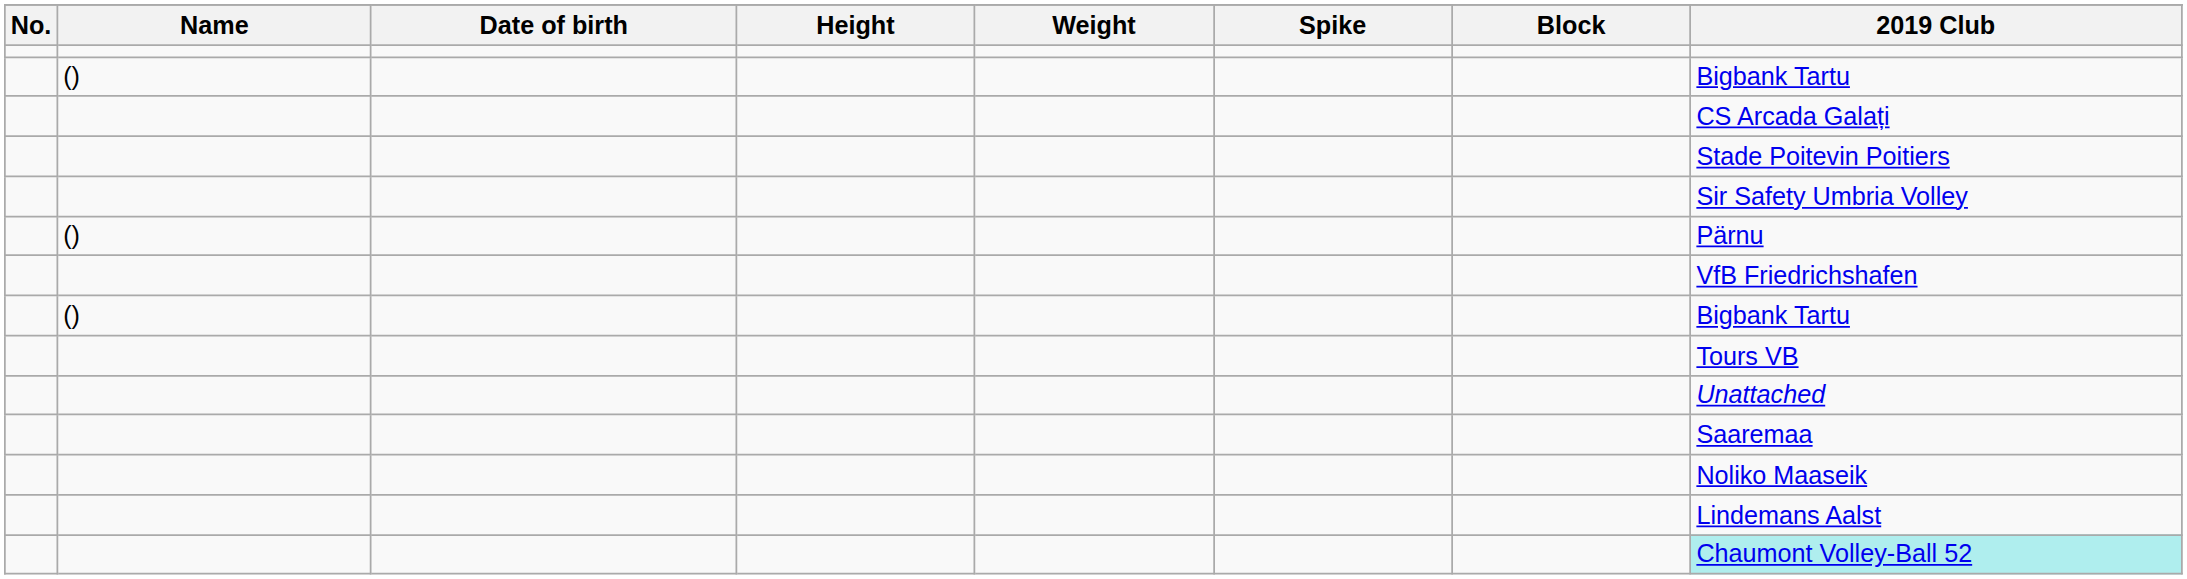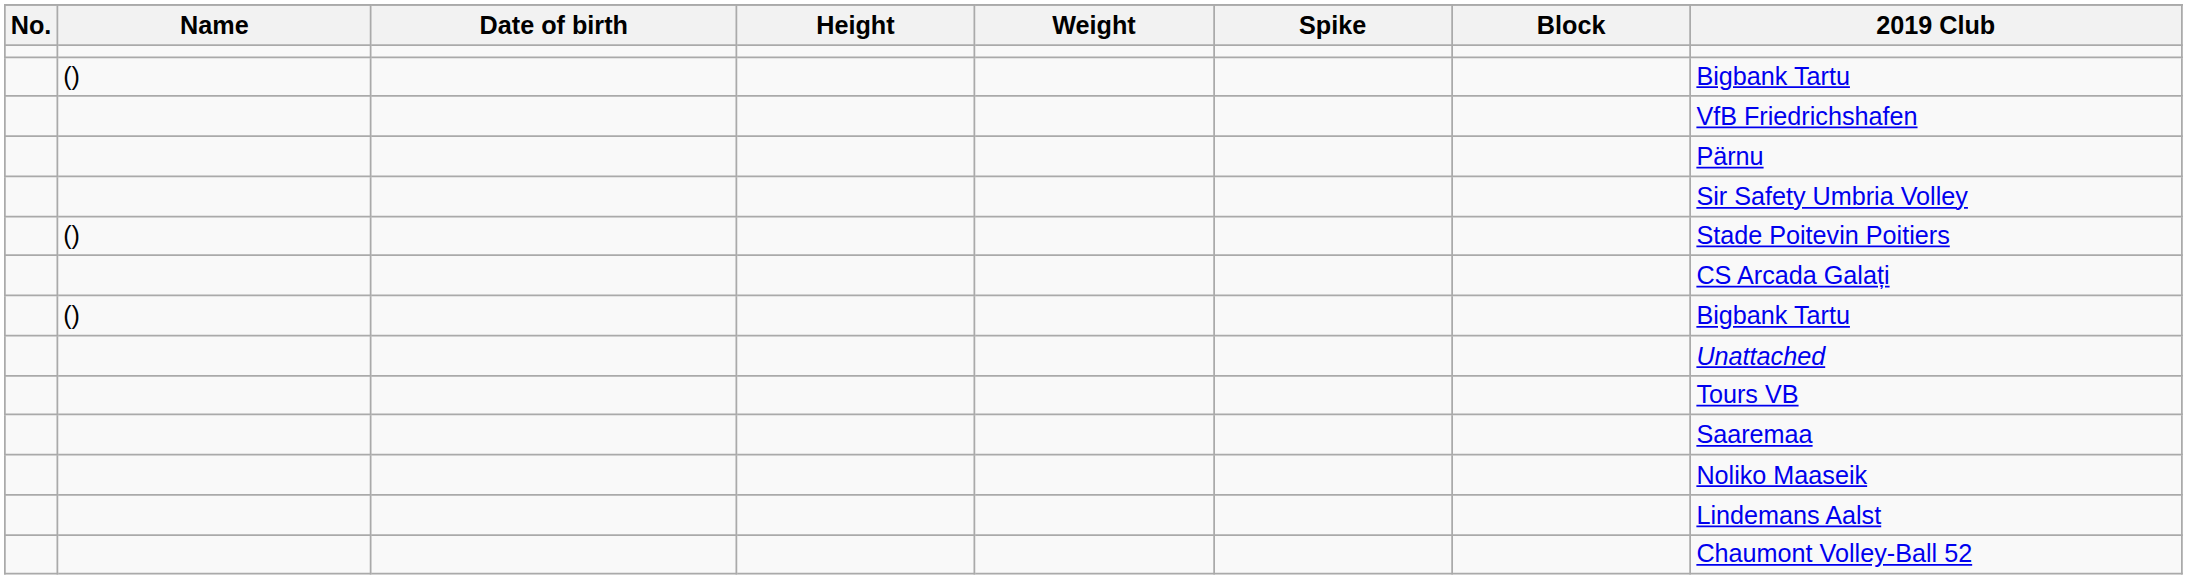 <table class="wikitable sortable" style="font-size:90%; text-align:center;">
 <tr>
 </tr>
 <tr>
 <th>No.</th>
 <th style="width:12em">Name</th>
 <th style="width:14em">Date of birth</th>
 <th style="width:9em">Height</th>
 <th style="width:9em">Weight</th>
 <th style="width:9em">Spike</th>
 <th style="width:9em">Block</th>
 <th style="width:19em">2019 Club</th>
 </tr>
 <tr>
 <td></td>
 <td style="text-align:left;"></td>
 <td style="text-align:right;"></td>
 <td></td>
 <td></td>
 <td></td>
 <td></td>
 <td style="text-align:left;"></td>
 </tr>
 <tr>
 <td></td>
 <td style="text-align:left;"> ()</td>
 <td style="text-align:right;"></td>
 <td></td>
 <td></td>
 <td></td>
 <td></td>
 <td style="text-align:left;"> <a href='#'>Bigbank Tartu</a></td>
 </tr>
 <tr>
 <td></td>
 <td style="text-align:left;"></td>
 <td style="text-align:right;"></td>
 <td></td>
 <td></td>
 <td></td>
 <td></td>
-<td style="text-align:left;"> <a href='#'>CS Arcada Galați</a></td>
+<td style="text-align:left;"> <a href='#'>VfB Friedrichshafen</a></td>
 </tr>
 <tr>
 <td></td>
 <td style="text-align:left;"></td>
 <td style="text-align:right;"></td>
 <td></td>
 <td></td>
 <td></td>
 <td></td>
-<td style="text-align:left;"> <a href='#'>Stade Poitevin Poitiers</a></td>
+<td style="text-align:left;"> <a href='#'>Pärnu</a></td>
 </tr>
 <tr>
 <td></td>
 <td style="text-align:left;"></td>
 <td style="text-align:right;"></td>
 <td></td>
 <td></td>
 <td></td>
 <td></td>
 <td style="text-align:left;"> <a href='#'>Sir Safety Umbria Volley</a></td>
 </tr>
 <tr>
 <td></td>
 <td style="text-align:left;"> ()</td>
 <td style="text-align:right;"></td>
 <td></td>
 <td></td>
 <td></td>
 <td></td>
-<td style="text-align:left;"> <a href='#'>Pärnu</a></td>
+<td style="text-align:left;"> <a href='#'>Stade Poitevin Poitiers</a></td>
 </tr>
 <tr>
 <td></td>
 <td style="text-align:left;"></td>
 <td style="text-align:right;"></td>
 <td></td>
 <td></td>
 <td></td>
 <td></td>
-<td style="text-align:left;"> <a href='#'>VfB Friedrichshafen</a></td>
+<td style="text-align:left;"> <a href='#'>CS Arcada Galați</a></td>
 </tr>
 <tr>
 <td></td>
 <td style="text-align:left;"> ()</td>
 <td style="text-align:right;"></td>
 <td></td>
 <td></td>
 <td></td>
 <td></td>
 <td style="text-align:left;"> <a href='#'>Bigbank Tartu</a></td>
 </tr>
 <tr>
 <td></td>
 <td style="text-align:left;"></td>
 <td style="text-align:right;"></td>
 <td></td>
 <td></td>
 <td></td>
 <td></td>
-<td style="text-align:left;"> <a href='#'>Tours VB</a></td>
+<td style="text-align:left;"><em><a href='#'>Unattached</a></em></td>
 </tr>
 <tr>
 <td></td>
 <td style="text-align:left;"></td>
 <td style="text-align:right;"></td>
 <td></td>
 <td></td>
 <td></td>
 <td></td>
-<td style="text-align:left;"><em><a href='#'>Unattached</a></em></td>
+<td style="text-align:left;"> <a href='#'>Tours VB</a></td>
 </tr>
 <tr>
 <td></td>
 <td style="text-align:left;"></td>
 <td style="text-align:right;"></td>
 <td></td>
 <td></td>
 <td></td>
 <td></td>
 <td style="text-align:left;"> <a href='#'>Saaremaa</a></td>
 </tr>
 <tr>
 <td></td>
 <td style="text-align:left;"></td>
 <td style="text-align:right;"></td>
 <td></td>
 <td></td>
 <td></td>
 <td></td>
 <td style="text-align:left;"> <a href='#'>Noliko Maaseik</a></td>
 </tr>
 <tr>
 <td></td>
 <td style="text-align:left;"></td>
 <td style="text-align:right;"></td>
 <td></td>
 <td></td>
 <td></td>
 <td></td>
 <td style="text-align:left;"> <a href='#'>Lindemans Aalst</a></td>
 </tr>
 <tr>
 <td></td>
 <td style="text-align:left;"></td>
 <td style="text-align:right;"></td>
 <td></td>
 <td></td>
 <td></td>
 <td></td>
-<td style="background: paleturquoise; text-align:left;"> <a href='#'>Chaumont Volley-Ball 52</a></td>
+<td style="text-align:left;"> <a href='#'>Chaumont Volley-Ball 52</a></td>
 </tr>
 </table>
